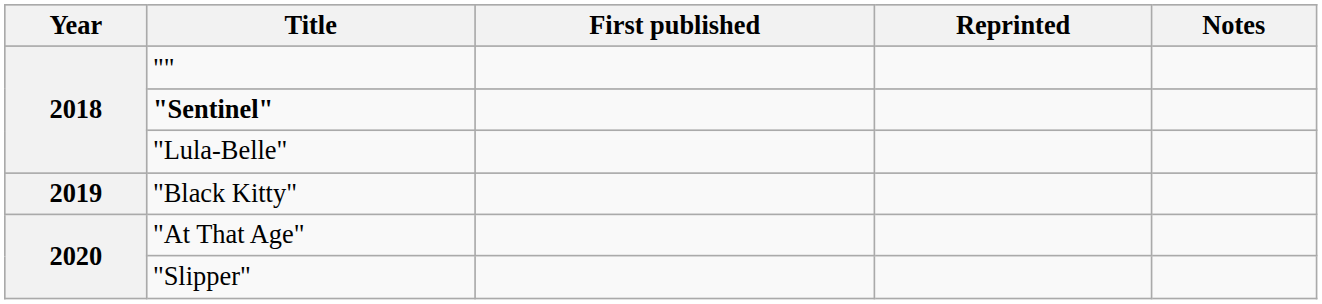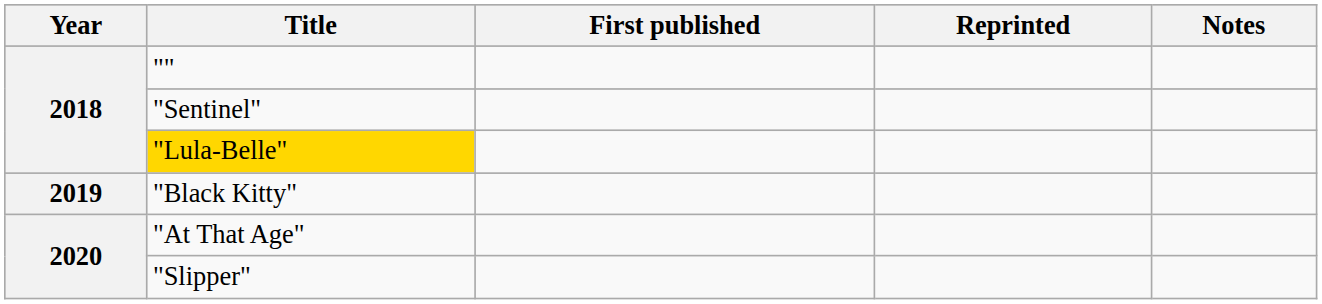 <table class="wikitable sortable" width="90%">
 <tr>
 <th>Year</th>
 <th width="25%">Title</th>
 <th>First published</th>
 <th>Reprinted</th>
 <th>Notes</th>
 </tr>
 <tr>
 <th rowspan="3">2018</th>
 <td>""</td>
 <td></td>
 <td></td>
 <td></td>
 </tr>
 <tr>
-<td><strong>"Sentinel"</strong></td>
+<td>"Sentinel"</td>
 <td></td>
 <td></td>
 <td></td>
 </tr>
 <tr>
-<td>"Lula-Belle"</td>
+<td style="background: gold;">"Lula-Belle"</td>
 <td></td>
 <td></td>
 <td></td>
 </tr>
 <tr>
 <th>2019</th>
 <td>"Black Kitty"</td>
 <td></td>
 <td></td>
 <td></td>
 </tr>
 <tr>
 <th rowspan="2">2020</th>
 <td>"At That Age"</td>
 <td></td>
 <td></td>
 <td></td>
 </tr>
 <tr>
 <td>"Slipper"</td>
 <td></td>
 <td></td>
 <td></td>
 </tr>
 </table>
